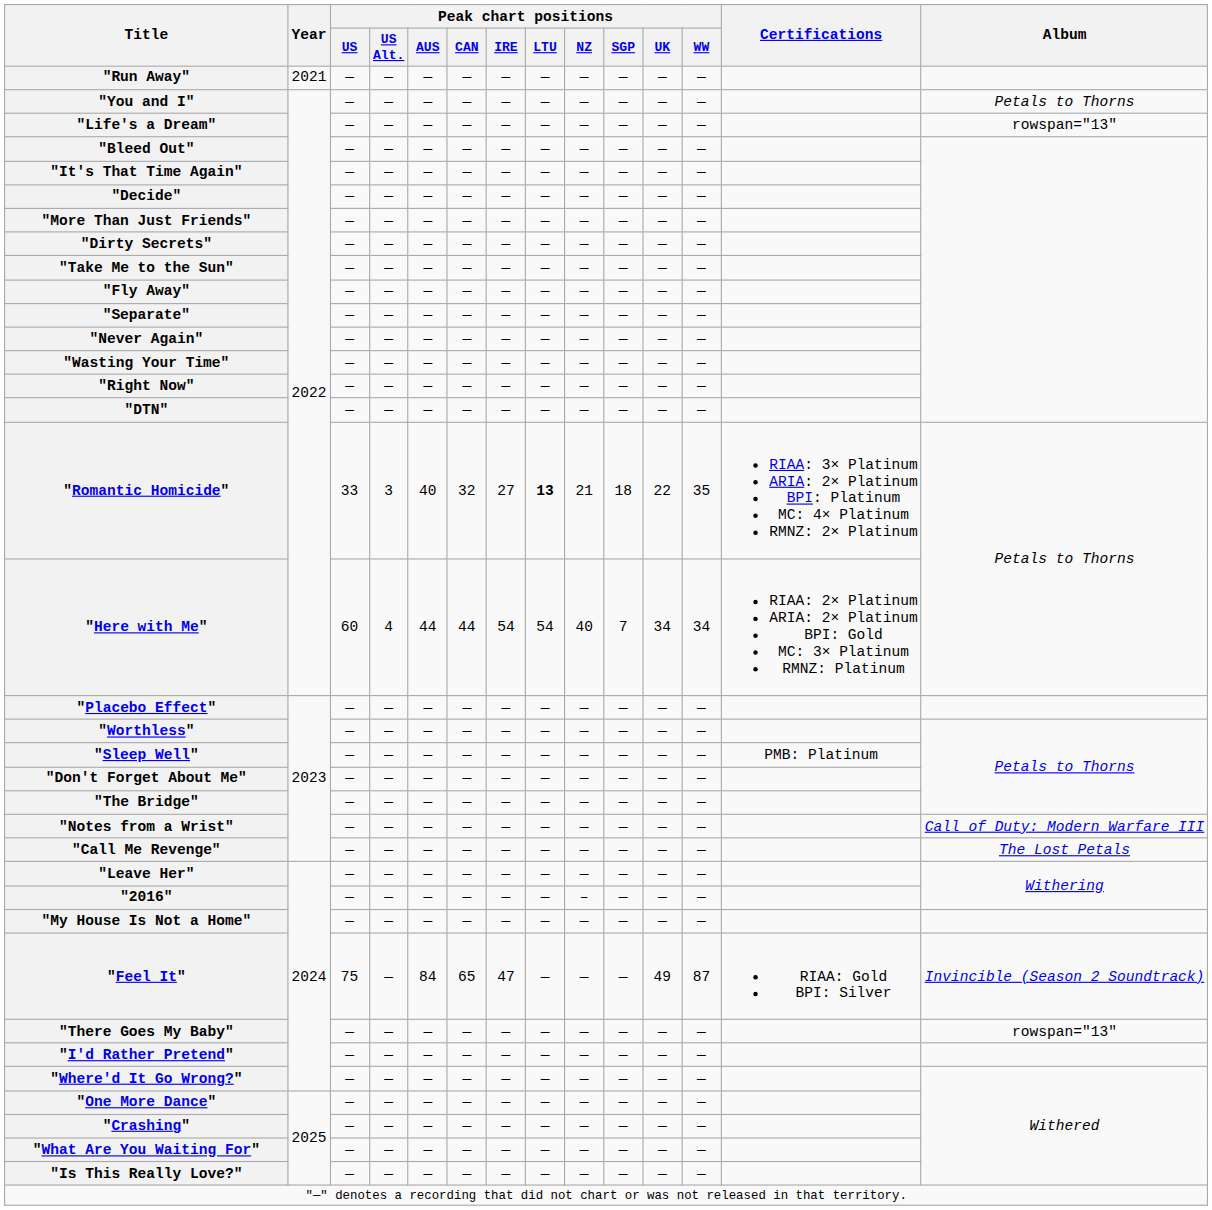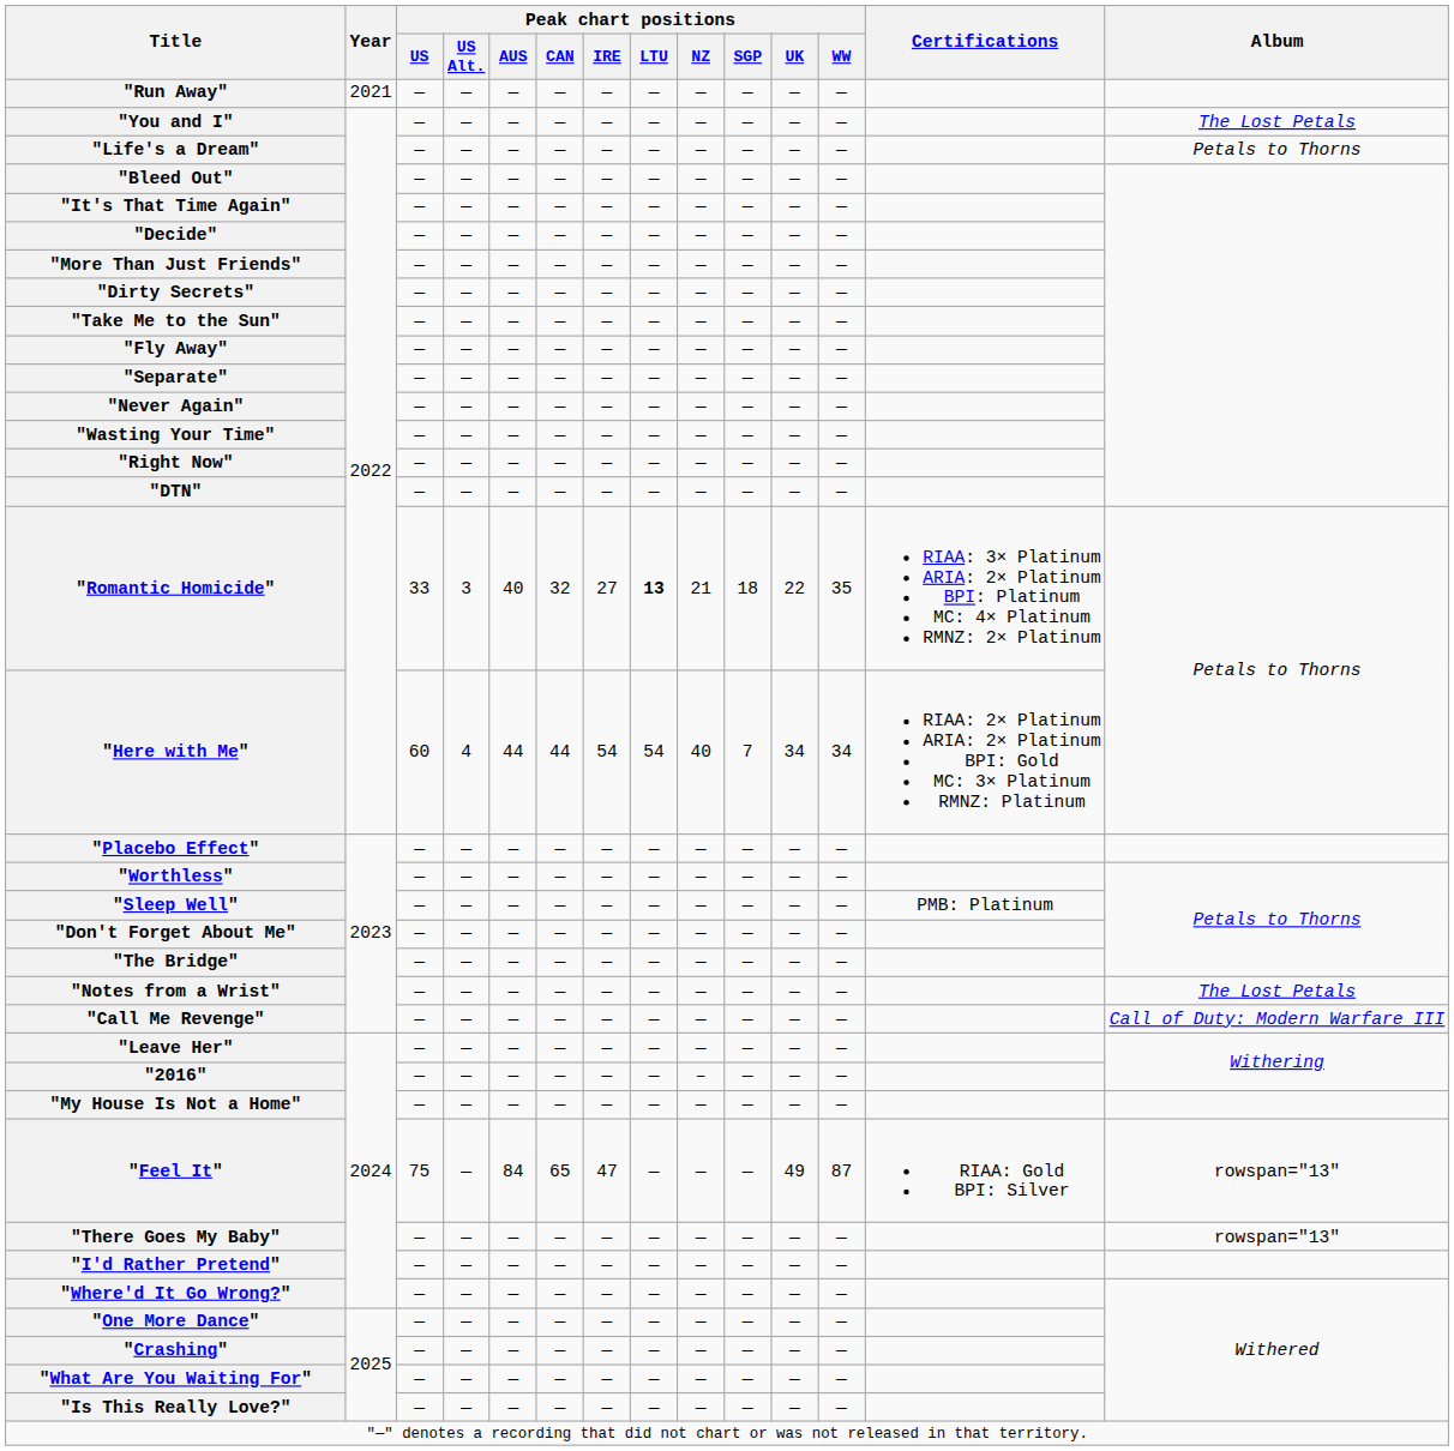 <table class="wikitable plainrowheaders" style="text-align:center;">
 <tr>
 <th scope="col" rowspan="2" style="width:19em;">Title</th>
 <th scope="col" rowspan="2">Year</th>
 <th scope="col" colspan="10">Peak chart positions</th>
 <th scope="col" rowspan="2"><a href='#'>Certifications</a></th>
 <th scope="col" rowspan="2">Album</th>
 </tr>
 <tr>
 <th scope="col" style="width:2.5em;font-size:90%;"><a href='#'>US</a><br></th>
 <th scope="col" style="width:2.5em;font-size:90%;"><a href='#'>US<br>Alt.</a><br></th>
 <th scope="col" style="width:2.5em;font-size:90%;"><a href='#'>AUS</a><br></th>
 <th scope="col" style="width:2.5em;font-size:90%;"><a href='#'>CAN</a><br></th>
 <th scope="col" style="width:2.5em;font-size:90%;"><a href='#'>IRE</a><br></th>
 <th scope="col" style="width:2.5em;font-size:90%;"><a href='#'>LTU</a><br></th>
 <th scope="col" style="width:2.5em;font-size:90%;"><a href='#'>NZ</a><br></th>
 <th scope="col" style="width:2.5em;font-size:90%;"><a href='#'>SGP</a><br></th>
 <th scope="col" style="width:2.5em;font-size:90%;"><a href='#'>UK</a><br></th>
 <th scope="col" style="width:2.5em;font-size:90%;"><a href='#'>WW</a><br></th>
 </tr>
 <tr>
 <th scope="row">"Run Away"</th>
 <td>2021</td>
 <td>—</td>
 <td>—</td>
 <td>—</td>
 <td>—</td>
 <td>—</td>
 <td>—</td>
 <td>—</td>
 <td>—</td>
 <td>—</td>
 <td>—</td>
 <td></td>
 <td></td>
 </tr>
 <tr>
 <th scope="row">"You and I"</th>
 <td rowspan="16">2022</td>
 <td>—</td>
 <td>—</td>
 <td>—</td>
 <td>—</td>
 <td>—</td>
 <td>—</td>
 <td>—</td>
 <td>—</td>
 <td>—</td>
 <td>—</td>
 <td></td>
-<td><em>Petals to Thorns</em></td>
+<td><em><a href='#'>The Lost Petals</a></em></td>
 </tr>
 <tr>
 <th scope="row">"Life's a Dream"</th>
 <td>—</td>
 <td>—</td>
 <td>—</td>
 <td>—</td>
 <td>—</td>
 <td>—</td>
 <td>—</td>
 <td>—</td>
 <td>—</td>
 <td>—</td>
 <td></td>
-<td>rowspan="13" </td>
+<td><em>Petals to Thorns</em></td>
 </tr>
 <tr>
 <th scope="row">"Bleed Out"</th>
 <td>—</td>
 <td>—</td>
 <td>—</td>
 <td>—</td>
 <td>—</td>
 <td>—</td>
 <td>—</td>
 <td>—</td>
 <td>—</td>
 <td>—</td>
 <td></td>
 </tr>
 <tr>
 <th scope="row">"It's That Time Again"</th>
 <td>—</td>
 <td>—</td>
 <td>—</td>
 <td>—</td>
 <td>—</td>
 <td>—</td>
 <td>—</td>
 <td>—</td>
 <td>—</td>
 <td>—</td>
 <td></td>
 </tr>
 <tr>
 <th scope="row">"Decide"</th>
 <td>—</td>
 <td>—</td>
 <td>—</td>
 <td>—</td>
 <td>—</td>
 <td>—</td>
 <td>—</td>
 <td>—</td>
 <td>—</td>
 <td>—</td>
 <td></td>
 </tr>
 <tr>
 <th scope="row">"More Than Just Friends"</th>
 <td>—</td>
 <td>—</td>
 <td>—</td>
 <td>—</td>
 <td>—</td>
 <td>—</td>
 <td>—</td>
 <td>—</td>
 <td>—</td>
 <td>—</td>
 <td></td>
 </tr>
 <tr>
 <th scope="row">"Dirty Secrets"</th>
 <td>—</td>
 <td>—</td>
 <td>—</td>
 <td>—</td>
 <td>—</td>
 <td>—</td>
 <td>—</td>
 <td>—</td>
 <td>—</td>
 <td>—</td>
 <td></td>
 </tr>
 <tr>
 <th scope="row">"Take Me to the Sun"</th>
 <td>—</td>
 <td>—</td>
 <td>—</td>
 <td>—</td>
 <td>—</td>
 <td>—</td>
 <td>—</td>
 <td>—</td>
 <td>—</td>
 <td>—</td>
 <td></td>
 </tr>
 <tr>
 <th scope="row">"Fly Away"</th>
 <td>—</td>
 <td>—</td>
 <td>—</td>
 <td>—</td>
 <td>—</td>
 <td>—</td>
 <td>—</td>
 <td>—</td>
 <td>—</td>
 <td>—</td>
 <td></td>
 </tr>
 <tr>
 <th scope="row">"Separate"</th>
 <td>—</td>
 <td>—</td>
 <td>—</td>
 <td>—</td>
 <td>—</td>
 <td>—</td>
 <td>—</td>
 <td>—</td>
 <td>—</td>
 <td>—</td>
 <td></td>
 </tr>
 <tr>
 <th scope="row">"Never Again"</th>
 <td>—</td>
 <td>—</td>
 <td>—</td>
 <td>—</td>
 <td>—</td>
 <td>—</td>
 <td>—</td>
 <td>—</td>
 <td>—</td>
 <td>—</td>
 <td></td>
 </tr>
 <tr>
 <th scope="row">"Wasting Your Time"</th>
 <td>—</td>
 <td>—</td>
 <td>—</td>
 <td>—</td>
 <td>—</td>
 <td>—</td>
 <td>—</td>
 <td>—</td>
 <td>—</td>
 <td>—</td>
 <td></td>
 </tr>
 <tr>
 <th scope="row">"Right Now"</th>
 <td>—</td>
 <td>—</td>
 <td>—</td>
 <td>—</td>
 <td>—</td>
 <td>—</td>
 <td>—</td>
 <td>—</td>
 <td>—</td>
 <td>—</td>
 <td></td>
 </tr>
 <tr>
 <th scope="row">"DTN"</th>
 <td>—</td>
 <td>—</td>
 <td>—</td>
 <td>—</td>
 <td>—</td>
 <td>—</td>
 <td>—</td>
 <td>—</td>
 <td>—</td>
 <td>—</td>
 <td></td>
 </tr>
 <tr>
 <th scope="row">"<a href='#'>Romantic Homicide</a>"</th>
 <td>33</td>
 <td>3</td>
 <td>40</td>
 <td>32</td>
 <td>27</td>
 <td><strong>13</strong></td>
 <td>21</td>
 <td>18</td>
 <td>22</td>
 <td>35</td>
 <td><br><ul><li><a href='#'>RIAA</a>: 3× Platinum</li><li><a href='#'>ARIA</a>: 2× Platinum</li><li><a href='#'>BPI</a>: Platinum</li><li>MC: 4× Platinum</li><li>RMNZ: 2× Platinum</li></ul></td>
 <td rowspan="2"><em>Petals to Thorns</em></td>
 </tr>
 <tr>
 <th scope="row">"<a href='#'>Here with Me</a>"</th>
 <td>60</td>
 <td>4</td>
 <td>44</td>
 <td>44</td>
 <td>54</td>
 <td>54</td>
 <td>40</td>
 <td>7</td>
 <td>34</td>
 <td>34</td>
 <td><br><ul><li>RIAA: 2× Platinum</li><li>ARIA: 2× Platinum</li><li>BPI: Gold</li><li>MC: 3× Platinum</li><li>RMNZ: Platinum</li></ul></td>
 </tr>
 <tr>
 <th scope="row">"<a href='#'>Placebo Effect</a>"</th>
 <td rowspan="7">2023</td>
 <td>—</td>
 <td>—</td>
 <td>—</td>
 <td>—</td>
 <td>—</td>
 <td>—</td>
 <td>—</td>
 <td>—</td>
 <td>—</td>
 <td>—</td>
 <td></td>
 <td></td>
 </tr>
 <tr>
 <th scope="row">"<a href='#'>Worthless</a>"</th>
 <td>—</td>
 <td>—</td>
 <td>—</td>
 <td>—</td>
 <td>—</td>
 <td>—</td>
 <td>—</td>
 <td>—</td>
 <td>—</td>
 <td>—</td>
 <td></td>
 <td rowspan="4"><em><a href='#'>Petals to Thorns</a></em></td>
 </tr>
 <tr>
 <th scope="row">"<a href='#'>Sleep Well</a>"</th>
 <td>—</td>
 <td>—</td>
 <td>—</td>
 <td>—</td>
 <td>—</td>
 <td>—</td>
 <td>—</td>
 <td>—</td>
 <td>—</td>
 <td>—</td>
 <td>PMB: Platinum</td>
 </tr>
 <tr>
 <th scope="row">"Don't Forget About Me"</th>
 <td>—</td>
 <td>—</td>
 <td>—</td>
 <td>—</td>
 <td>—</td>
 <td>—</td>
 <td>—</td>
 <td>—</td>
 <td>—</td>
 <td>—</td>
 <td></td>
 </tr>
 <tr>
 <th scope="row">"The Bridge"</th>
 <td>—</td>
 <td>—</td>
 <td>—</td>
 <td>—</td>
 <td>—</td>
 <td>—</td>
 <td>—</td>
 <td>—</td>
 <td>—</td>
 <td>—</td>
 <td></td>
 </tr>
 <tr>
 <th scope="row">"Notes from a Wrist"</th>
 <td>—</td>
 <td>—</td>
 <td>—</td>
 <td>—</td>
 <td>—</td>
 <td>—</td>
 <td>—</td>
 <td>—</td>
 <td>—</td>
 <td>—</td>
 <td></td>
-<td><em><a href='#'>Call of Duty: Modern Warfare III</a></em></td>
+<td><em><a href='#'>The Lost Petals</a></em></td>
 </tr>
 <tr>
 <th scope="row">"Call Me Revenge"<br></th>
 <td>—</td>
 <td>—</td>
 <td>—</td>
 <td>—</td>
 <td>—</td>
 <td>—</td>
 <td>—</td>
 <td>—</td>
 <td>—</td>
 <td>—</td>
 <td></td>
-<td><em><a href='#'>The Lost Petals</a></em></td>
+<td><em><a href='#'>Call of Duty: Modern Warfare III</a></em></td>
 </tr>
 <tr>
 <th scope="row">"Leave Her"</th>
 <td rowspan="7">2024</td>
 <td>—</td>
 <td>—</td>
 <td>—</td>
 <td>—</td>
 <td>—</td>
 <td>—</td>
 <td>—</td>
 <td>—</td>
 <td>—</td>
 <td>—</td>
 <td></td>
 <td rowspan="2"><em><a href='#'>Withering</a></em></td>
 </tr>
 <tr>
 <th scope="row">"2016"</th>
 <td>—</td>
 <td>—</td>
 <td>—</td>
 <td>—</td>
 <td>—</td>
 <td>—</td>
 <td>–</td>
 <td>—</td>
 <td>—</td>
 <td>—</td>
 <td></td>
 </tr>
 <tr>
 <th scope="row">"My House Is Not a Home"</th>
 <td>—</td>
 <td>—</td>
 <td>—</td>
 <td>—</td>
 <td>—</td>
 <td>—</td>
 <td>—</td>
 <td>—</td>
 <td>—</td>
 <td>—</td>
 <td></td>
 <td></td>
 </tr>
 <tr>
 <th scope="row">"<a href='#'>Feel It</a>"</th>
 <td>75</td>
 <td>—</td>
 <td>84</td>
 <td>65</td>
 <td>47</td>
 <td>—</td>
 <td>—</td>
 <td>—</td>
 <td>49</td>
 <td>87</td>
 <td><br><ul><li>RIAA: Gold</li><li>BPI: Silver</li></ul></td>
-<td><em><a href='#'>Invincible (Season 2 Soundtrack)</a></em></td>
+<td>rowspan="13" </td>
 </tr>
 <tr>
 <th scope="row">"There Goes My Baby"</th>
 <td>—</td>
 <td>—</td>
 <td>—</td>
 <td>—</td>
 <td>—</td>
 <td>—</td>
 <td>—</td>
 <td>—</td>
 <td>—</td>
 <td>—</td>
 <td></td>
 <td>rowspan="13" </td>
 </tr>
 <tr>
 <th scope="row">"<a href='#'>I'd Rather Pretend</a>"<br></th>
 <td>—</td>
 <td>—</td>
 <td>—</td>
 <td>—</td>
 <td>—</td>
 <td>—</td>
 <td>—</td>
 <td>—</td>
 <td>—</td>
 <td>—</td>
 <td></td>
 </tr>
 <tr>
 <th scope="row">"<a href='#'>Where'd It Go Wrong?</a>"</th>
 <td>—</td>
 <td>—</td>
 <td>—</td>
 <td>—</td>
 <td>—</td>
 <td>—</td>
 <td>—</td>
 <td>—</td>
 <td>—</td>
 <td>—</td>
 <td></td>
 <td rowspan="5"><em>Withered</em></td>
 </tr>
 <tr>
 <th scope="row">"<a href='#'>One More Dance</a>"</th>
 <td rowspan="4">2025</td>
 <td>—</td>
 <td>—</td>
 <td>—</td>
 <td>—</td>
 <td>—</td>
 <td>—</td>
 <td>—</td>
 <td>—</td>
 <td>—</td>
 <td>—</td>
 <td></td>
 </tr>
 <tr>
 <th scope="row">"<a href='#'>Crashing</a>"<br></th>
 <td>—</td>
 <td>—</td>
 <td>—</td>
 <td>—</td>
 <td>—</td>
 <td>—</td>
 <td>—</td>
 <td>—</td>
 <td>—</td>
 <td>—</td>
 <td></td>
 </tr>
 <tr>
 <th scope="row">"<a href='#'>What Are You Waiting For</a>"</th>
 <td>—</td>
 <td>—</td>
 <td>—</td>
 <td>—</td>
 <td>—</td>
 <td>—</td>
 <td>—</td>
 <td>—</td>
 <td>—</td>
 <td>—</td>
 <td></td>
 </tr>
 <tr>
 <th scope="row">"Is This Really Love?"</th>
 <td>—</td>
 <td>—</td>
 <td>—</td>
 <td>—</td>
 <td>—</td>
 <td>—</td>
 <td>—</td>
 <td>—</td>
 <td>—</td>
 <td>—</td>
 <td></td>
 </tr>
 <tr>
 <td colspan="14" style="font-size:85%">"—" denotes a recording that did not chart or was not released in that territory.</td>
 </tr>
 </table>
